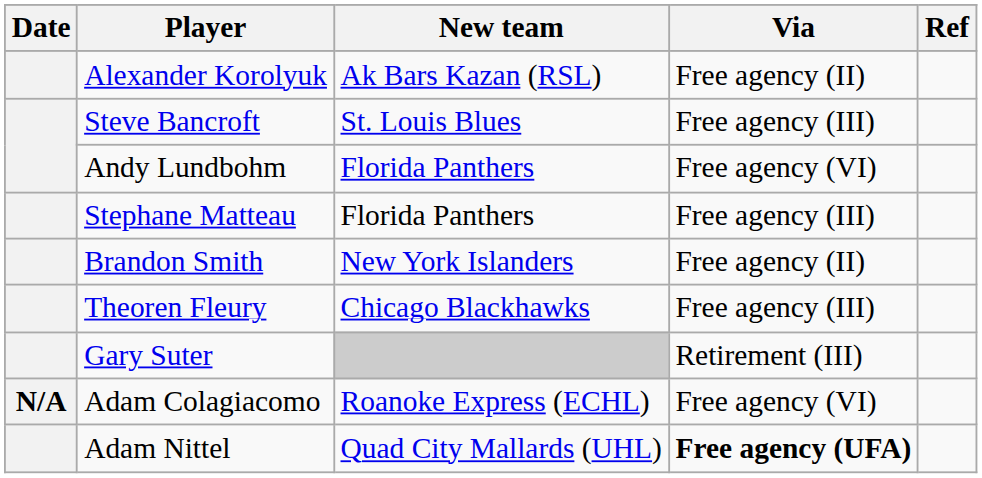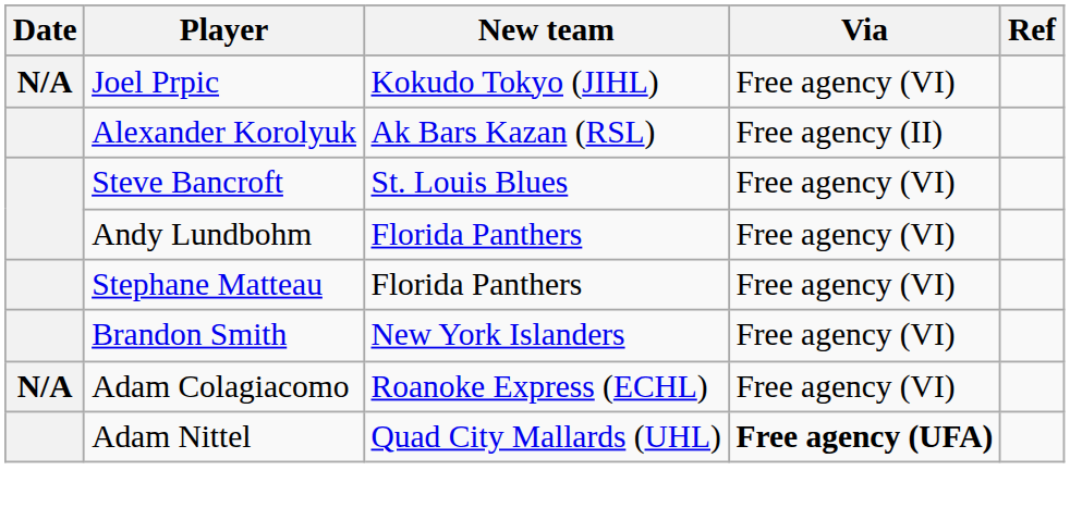 <table class="wikitable plainrowheaders">
 <tr style="background:#ddd; text-align:center;">
 <th>Date</th>
 <th>Player</th>
 <th>New team</th>
 <th>Via</th>
 <th>Ref</th>
+</tr>
+<tr>
+<th scope="row">N/A</th>
+<td><a href='#'>Joel Prpic</a></td>
+<td><a href='#'>Kokudo Tokyo</a> (<a href='#'>JIHL</a>)</td>
+<td>Free agency (VI)</td>
+<td></td>
 </tr>
 <tr>
 <th scope="row"></th>
 <td><a href='#'>Alexander Korolyuk</a></td>
 <td><a href='#'>Ak Bars Kazan</a> (<a href='#'>RSL</a>)</td>
 <td>Free agency (II)</td>
 <td></td>
 </tr>
 <tr>
 <th scope="row" rowspan=2></th>
 <td><a href='#'>Steve Bancroft</a></td>
 <td><a href='#'>St. Louis Blues</a></td>
-<td>Free agency (III)</td>
+<td>Free agency (VI)</td>
 <td></td>
 </tr>
 <tr>
 <td>Andy Lundbohm</td>
 <td><a href='#'>Florida Panthers</a></td>
 <td>Free agency (VI)</td>
 <td></td>
 </tr>
 <tr>
 <th scope="row"></th>
 <td><a href='#'>Stephane Matteau</a></td>
 <td>Florida Panthers</td>
-<td>Free agency (III)</td>
+<td>Free agency (VI)</td>
 <td></td>
 </tr>
 <tr>
 <th scope="row"></th>
 <td><a href='#'>Brandon Smith</a></td>
 <td><a href='#'>New York Islanders</a></td>
-<td>Free agency (II)</td>
-<td></td>
-</tr>
-<tr>
-<th scope="row"></th>
-<td><a href='#'>Theoren Fleury</a></td>
-<td><a href='#'>Chicago Blackhawks</a></td>
-<td>Free agency (III)</td>
-<td></td>
-</tr>
-<tr>
-<th scope="row"></th>
-<td><a href='#'>Gary Suter</a></td>
-<td style="background:#ccc"></td>
-<td>Retirement (III)</td>
+<td>Free agency (VI)</td>
 <td></td>
 </tr>
 <tr>
 <th scope="row">N/A</th>
 <td>Adam Colagiacomo</td>
 <td><a href='#'>Roanoke Express</a> (<a href='#'>ECHL</a>)</td>
 <td>Free agency (VI)</td>
 <td></td>
 </tr>
 <tr>
 <th scope="row"></th>
 <td>Adam Nittel</td>
 <td><a href='#'>Quad City Mallards</a> (<a href='#'>UHL</a>)</td>
 <td><strong>Free agency (UFA)</strong></td>
 <td></td>
 </tr>
 </table>
